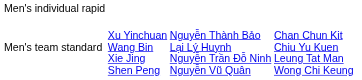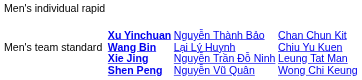 <table>
 <tr>
 <td>Men's individual rapid</td>
 <td></td>
 <td></td>
 <td></td>
 </tr>
 <tr>
 <td>Men's team standard</td>
-<td><br><a href='#'>Xu Yinchuan</a><br><a href='#'>Wang Bin</a><br><a href='#'>Xie Jing</a><br><a href='#'>Shen Peng</a></td>
+<td><strong><br><a href='#'>Xu Yinchuan</a><br><a href='#'>Wang Bin</a><br><a href='#'>Xie Jing</a><br><a href='#'>Shen Peng</a></strong></td>
 <td><br><a href='#'>Nguyễn Thành Bảo</a><br><a href='#'>Lại Lý Huynh</a><br><a href='#'>Nguyễn Trần Đỗ Ninh</a><br><a href='#'>Nguyễn Vũ Quân</a></td>
 <td><br><a href='#'>Chan Chun Kit</a><br><a href='#'>Chiu Yu Kuen</a><br><a href='#'>Leung Tat Man</a><br><a href='#'>Wong Chi Keung</a></td>
 </tr>
 </table>
